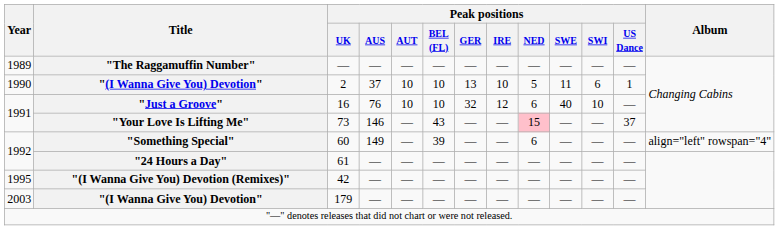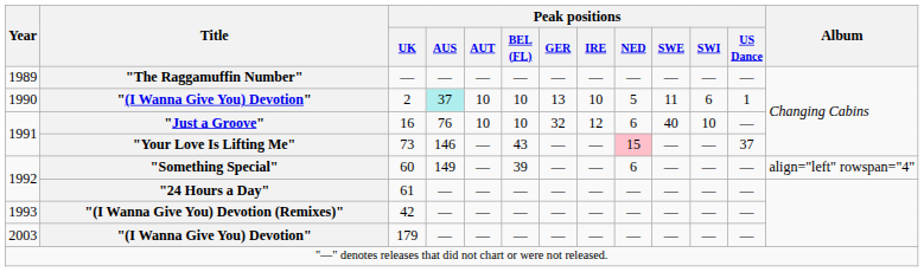 <table class="wikitable plainrowheaders" style="text-align:center;">
 <tr>
 <th rowspan="2">Year</th>
 <th rowspan="2" style="width:24em;">Title</th>
 <th colspan="10">Peak positions</th>
 <th rowspan="2">Album</th>
 </tr>
 <tr>
 <th width="35"><small><a href='#'>UK</a></small><br></th>
 <th width="35"><small><a href='#'>AUS</a></small><br></th>
 <th width="35"><small><a href='#'>AUT</a></small></th>
 <th width="35"><small><a href='#'>BEL<br>(FL)</a></small></th>
 <th width="35"><small><a href='#'>GER</a></small><br></th>
 <th width="35"><small><a href='#'>IRE</a></small></th>
 <th width="35"><small><a href='#'>NED</a></small></th>
 <th width="35"><small><a href='#'>SWE</a></small></th>
 <th width="35"><small><a href='#'>SWI</a></small></th>
 <th width="35"><small><a href='#'>US Dance</a></small><br></th>
 </tr>
 <tr>
 <td>1989</td>
 <th scope="row">"The Raggamuffin Number"<br></th>
 <td>—</td>
 <td>—</td>
 <td>—</td>
 <td>—</td>
 <td>—</td>
 <td>—</td>
 <td>—</td>
 <td>—</td>
 <td>—</td>
 <td>—</td>
 <td align="left" rowspan="4"><em>Changing Cabins</em></td>
 </tr>
 <tr>
 <td>1990</td>
 <th scope="row">"<a href='#'>(I Wanna Give You) Devotion</a>"<br></th>
 <td>2</td>
-<td>37</td>
+<td style="background: paleturquoise;">37</td>
 <td>10</td>
 <td>10</td>
 <td>13</td>
 <td>10</td>
 <td>5</td>
 <td>11</td>
 <td>6</td>
 <td>1</td>
 </tr>
 <tr>
 <td rowspan="2">1991</td>
 <th scope="row">"<a href='#'>Just a Groove</a>"</th>
 <td>16</td>
 <td>76</td>
 <td>10</td>
 <td>10</td>
 <td>32</td>
 <td>12</td>
 <td>6</td>
 <td>40</td>
 <td>10</td>
 <td>—</td>
 </tr>
 <tr>
 <th scope="row">"Your Love Is Lifting Me"</th>
 <td>73</td>
 <td>146</td>
 <td>—</td>
 <td>43</td>
 <td>—</td>
 <td>—</td>
 <td style="background: pink;">15</td>
 <td>—</td>
 <td>—</td>
 <td>37</td>
 </tr>
 <tr>
 <td rowspan="2">1992</td>
 <th scope="row">"Something Special"</th>
 <td>60</td>
 <td>149</td>
 <td>—</td>
 <td>39</td>
 <td>—</td>
 <td>—</td>
 <td>6</td>
 <td>—</td>
 <td>—</td>
 <td>—</td>
 <td>align="left" rowspan="4" </td>
 </tr>
 <tr>
 <th scope="row">"24 Hours a Day"</th>
 <td>61</td>
 <td>—</td>
 <td>—</td>
 <td>—</td>
 <td>—</td>
 <td>—</td>
 <td>—</td>
 <td>—</td>
 <td>—</td>
 <td>—</td>
 </tr>
 <tr>
-<td>1995</td>
+<td>1993</td>
 <th scope="row">"(I Wanna Give You) Devotion (Remixes)"</th>
 <td>42</td>
 <td>—</td>
 <td>—</td>
 <td>—</td>
 <td>—</td>
 <td>—</td>
 <td>—</td>
 <td>—</td>
 <td>—</td>
 <td>—</td>
 </tr>
 <tr>
 <td>2003</td>
 <th scope="row">"(I Wanna Give You) Devotion"<br></th>
 <td>179</td>
 <td>—</td>
 <td>—</td>
 <td>—</td>
 <td>—</td>
 <td>—</td>
 <td>—</td>
 <td>—</td>
 <td>—</td>
 <td>—</td>
 </tr>
 <tr>
 <td align="center" colspan="13" style="font-size:85%">"—" denotes releases that did not chart or were not released.</td>
 </tr>
 </table>
